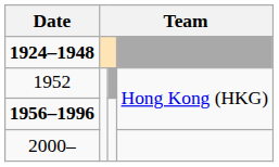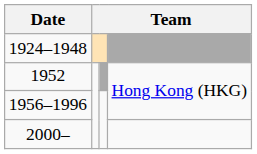 <table class="wikitable" style="text-align:center; font-size:90%;">
 <tr>
 <th>Date</th>
 <th colspan="3">Team</th>
 </tr>
 <tr>
-<td><strong>1924–1948</strong></td>
+<td>1924–1948</td>
 <td colspan="2" style="background:moccasin"><strong></strong></td>
 <td style="background:darkgray"></td>
 </tr>
 <tr>
 <td>1952</td>
 <td rowspan="3"></td>
 <td style="background:darkgray"></td>
 <td rowspan="2"> <a href='#'>Hong Kong</a> (HKG)</td>
 </tr>
 <tr>
-<td><strong>1956–1996</strong></td>
+<td>1956–1996</td>
 <td rowspan="2"></td>
 </tr>
 <tr>
 <td>2000–</td>
 <td></td>
 </tr>
 </table>
